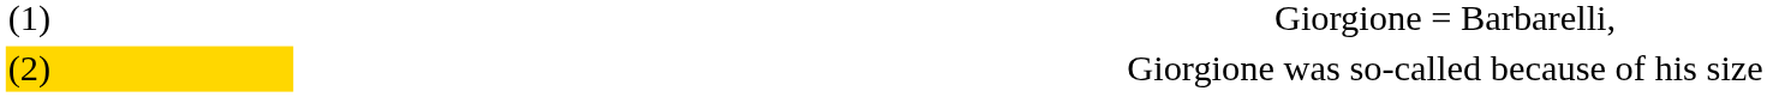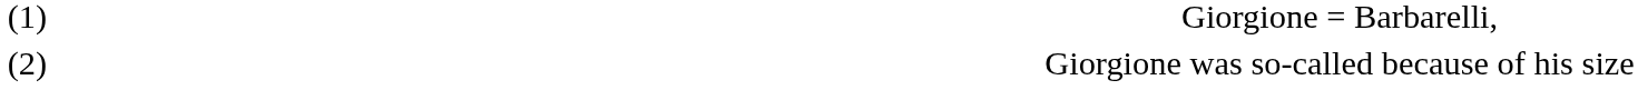 <table style="width:90%">
 <tr>
 <td style="width:10%" align="left">(1)</td>
 <td style="width:80%" align="center">Giorgione = Barbarelli,</td>
 </tr>
 <tr>
-<td style="background: gold; width:10%" align="left">(2)</td>
+<td style="width:10%" align="left">(2)</td>
 <td style="width:80%" align="center">Giorgione was so-called because of his size</td>
 </tr>
 </table>
